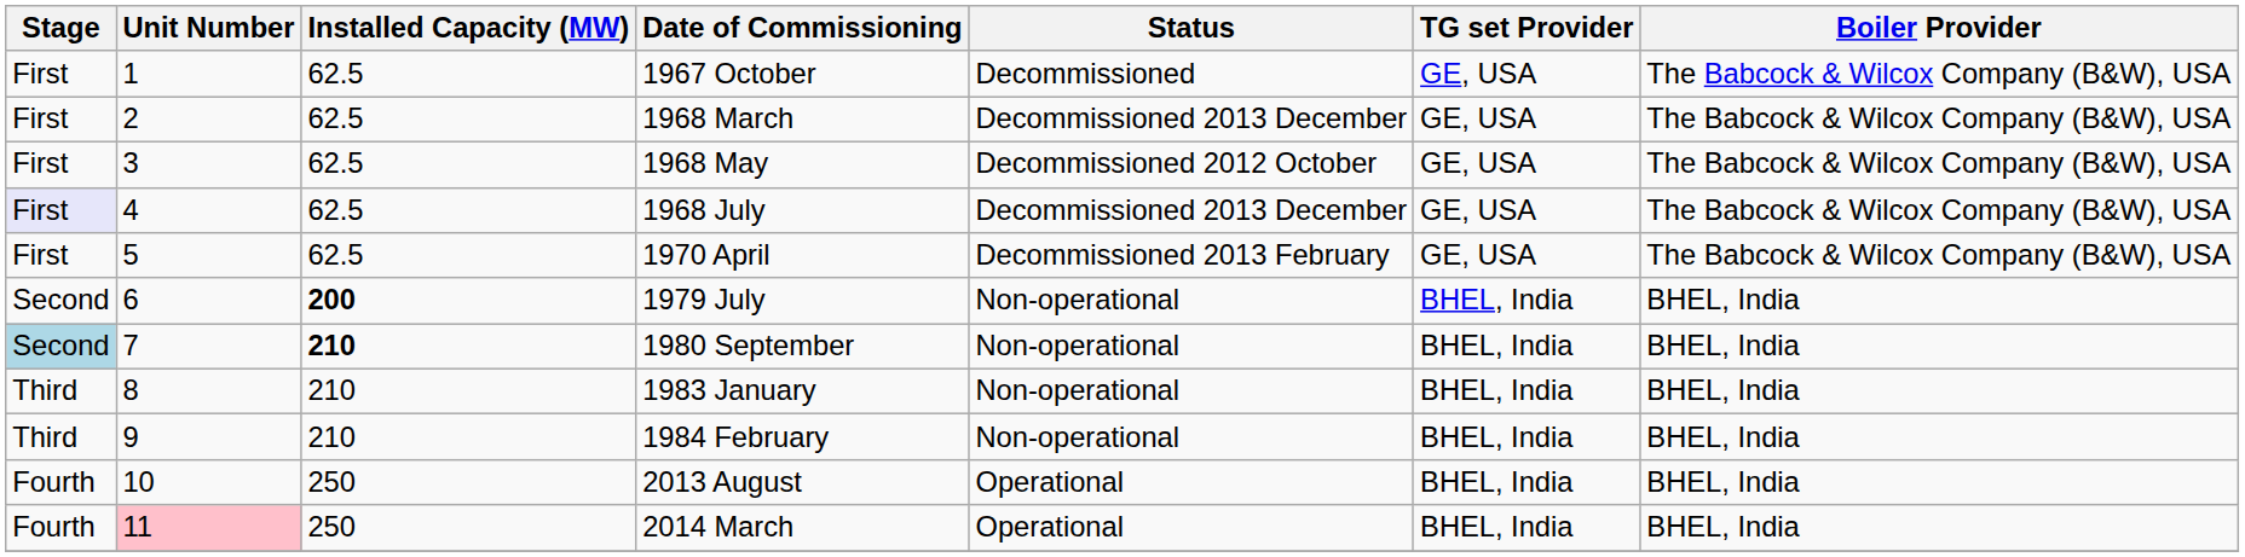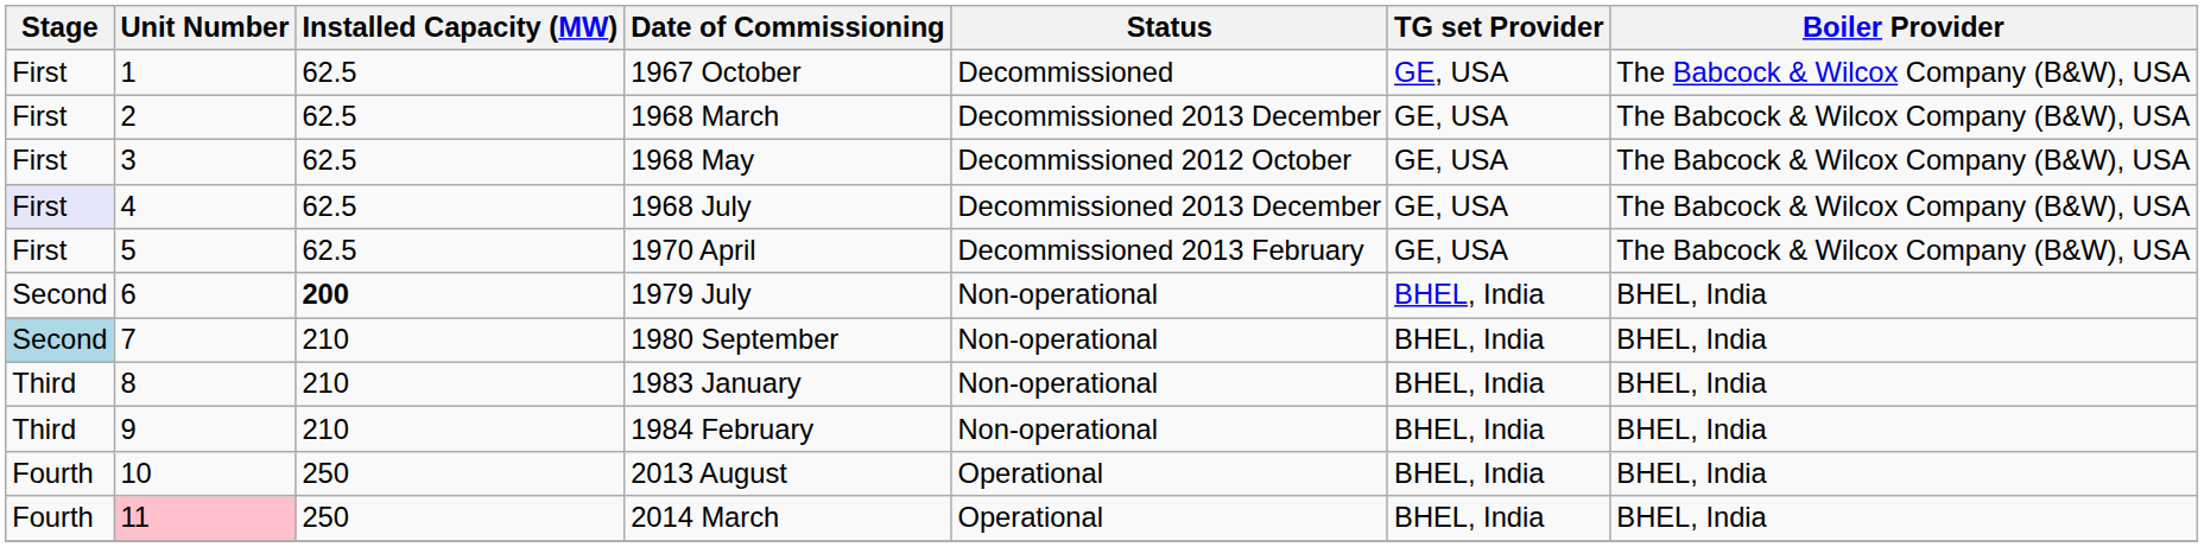 <table class="sortable wikitable">
 <tr>
 <th>Stage</th>
 <th>Unit Number</th>
 <th>Installed Capacity (<a href='#'>MW</a>)</th>
 <th>Date of Commissioning</th>
 <th>Status</th>
 <th>TG set Provider</th>
 <th><a href='#'>Boiler</a> Provider</th>
 </tr>
 <tr>
 <td>First</td>
 <td>1</td>
 <td>62.5</td>
 <td>1967 October</td>
 <td>Decommissioned</td>
 <td><a href='#'>GE</a>, USA</td>
 <td>The <a href='#'>Babcock & Wilcox</a> Company (B&W), USA</td>
 </tr>
 <tr>
 <td>First</td>
 <td>2</td>
 <td>62.5</td>
 <td>1968 March</td>
 <td>Decommissioned 2013 December</td>
 <td>GE, USA</td>
 <td>The Babcock & Wilcox Company (B&W), USA</td>
 </tr>
 <tr>
 <td>First</td>
 <td>3</td>
 <td>62.5</td>
 <td>1968 May</td>
 <td>Decommissioned 2012 October</td>
 <td>GE, USA</td>
 <td>The Babcock & Wilcox Company (B&W), USA</td>
 </tr>
 <tr>
 <td style="background: lavender;">First</td>
 <td>4</td>
 <td>62.5</td>
 <td>1968 July</td>
 <td>Decommissioned 2013 December</td>
 <td>GE, USA</td>
 <td>The Babcock & Wilcox Company (B&W), USA</td>
 </tr>
 <tr>
 <td>First</td>
 <td>5</td>
 <td>62.5</td>
 <td>1970 April</td>
 <td>Decommissioned 2013 February</td>
 <td>GE, USA</td>
 <td>The Babcock & Wilcox Company (B&W), USA</td>
 </tr>
 <tr>
 <td>Second</td>
 <td>6</td>
 <td><strong>200</strong></td>
 <td>1979 July</td>
 <td>Non-operational</td>
 <td><a href='#'>BHEL</a>, India</td>
 <td>BHEL, India</td>
 </tr>
 <tr>
 <td style="background: lightblue;">Second</td>
 <td>7</td>
-<td><strong>210</strong></td>
+<td>210</td>
 <td>1980 September</td>
 <td>Non-operational</td>
 <td>BHEL, India</td>
 <td>BHEL, India</td>
 </tr>
 <tr>
 <td>Third</td>
 <td>8</td>
 <td>210</td>
 <td>1983 January</td>
 <td>Non-operational</td>
 <td>BHEL, India</td>
 <td>BHEL, India</td>
 </tr>
 <tr>
 <td>Third</td>
 <td>9</td>
 <td>210</td>
 <td>1984 February</td>
 <td>Non-operational</td>
 <td>BHEL, India</td>
 <td>BHEL, India</td>
 </tr>
 <tr>
 <td>Fourth</td>
 <td>10</td>
 <td>250</td>
 <td>2013 August</td>
 <td>Operational</td>
 <td>BHEL, India</td>
 <td>BHEL, India</td>
 </tr>
 <tr>
 <td>Fourth</td>
 <td style="background: pink;">11</td>
 <td>250</td>
 <td>2014 March</td>
 <td>Operational</td>
 <td>BHEL, India</td>
 <td>BHEL, India</td>
 </tr>
 <tr>
 </tr>
 <tr>
 </tr>
 </table>
